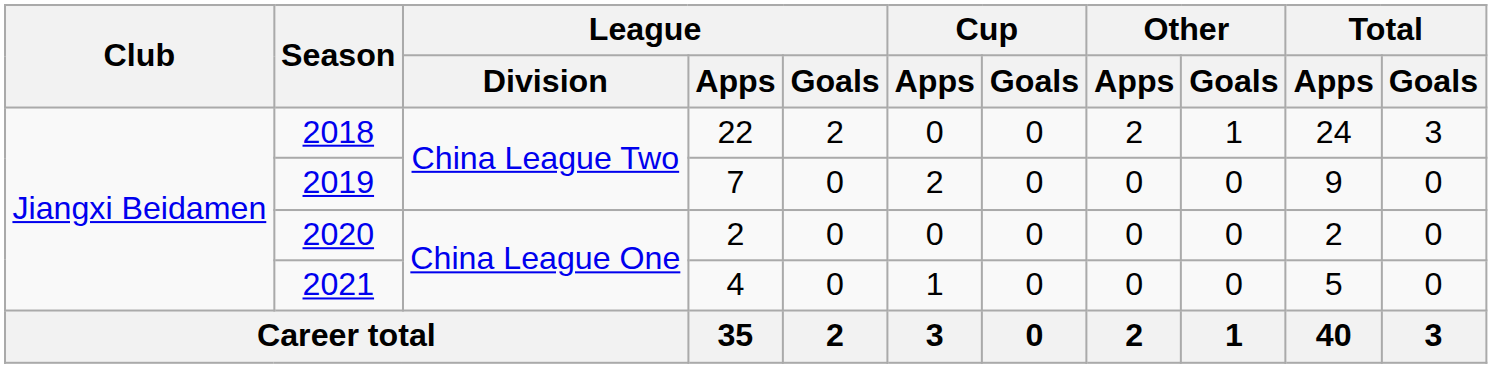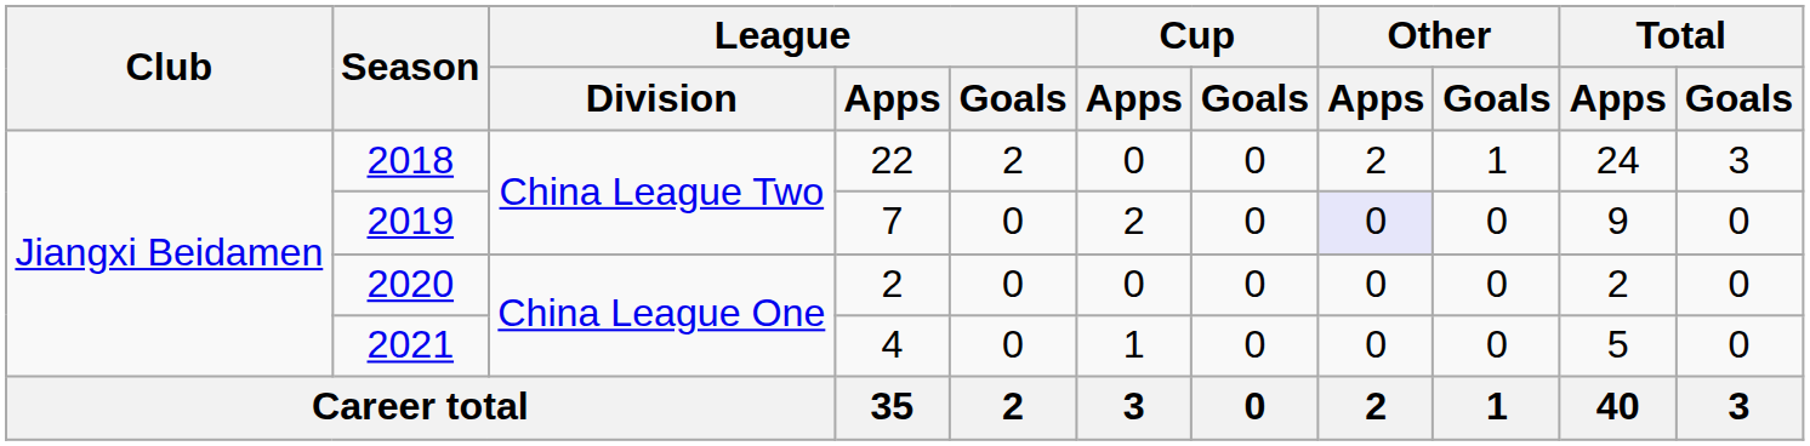 <table class="wikitable" style="text-align: center">
 <tr>
 <th rowspan="2">Club</th>
 <th rowspan="2">Season</th>
 <th colspan="3">League</th>
 <th colspan="2">Cup</th>
 <th colspan="2">Other</th>
 <th colspan="2">Total</th>
 </tr>
 <tr>
 <th>Division</th>
 <th>Apps</th>
 <th>Goals</th>
 <th>Apps</th>
 <th>Goals</th>
 <th>Apps</th>
 <th>Goals</th>
 <th>Apps</th>
 <th>Goals</th>
 </tr>
 <tr>
 <td rowspan="4"><a href='#'>Jiangxi Beidamen</a></td>
 <td><a href='#'>2018</a></td>
 <td rowspan="2"><a href='#'>China League Two</a></td>
 <td>22</td>
 <td>2</td>
 <td>0</td>
 <td>0</td>
 <td>2</td>
 <td>1</td>
 <td>24</td>
 <td>3</td>
 </tr>
 <tr>
 <td><a href='#'>2019</a></td>
 <td>7</td>
 <td>0</td>
 <td>2</td>
 <td>0</td>
-<td>0</td>
+<td style="background: lavender;">0</td>
 <td>0</td>
 <td>9</td>
 <td>0</td>
 </tr>
 <tr>
 <td><a href='#'>2020</a></td>
 <td rowspan="2"><a href='#'>China League One</a></td>
 <td>2</td>
 <td>0</td>
 <td>0</td>
 <td>0</td>
 <td>0</td>
 <td>0</td>
 <td>2</td>
 <td>0</td>
 </tr>
 <tr>
 <td><a href='#'>2021</a></td>
 <td>4</td>
 <td>0</td>
 <td>1</td>
 <td>0</td>
 <td>0</td>
 <td>0</td>
 <td>5</td>
 <td>0</td>
 </tr>
 <tr>
 <th colspan=3>Career total</th>
 <th>35</th>
 <th>2</th>
 <th>3</th>
 <th>0</th>
 <th>2</th>
 <th>1</th>
 <th>40</th>
 <th>3</th>
 </tr>
 </table>
